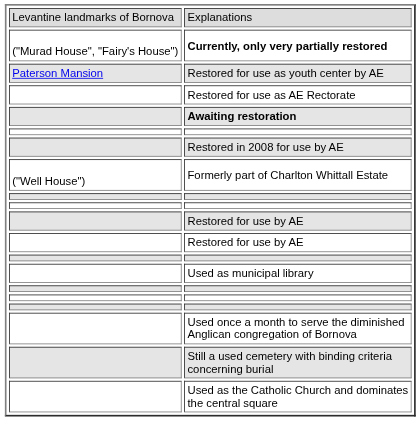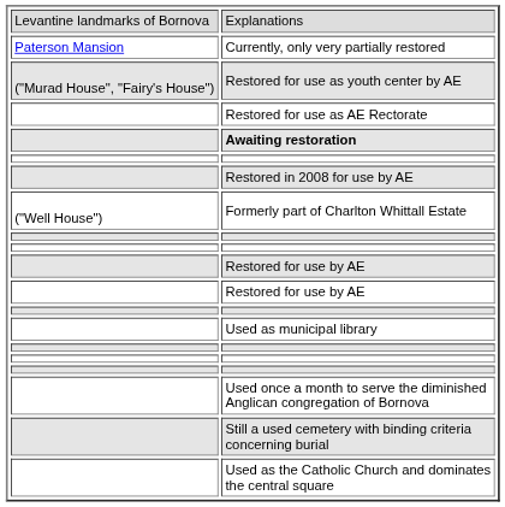 <table border="2" style="font-size: 85%" align=right cellpadding="3" cellspacing="3">
 <tr bgcolor="#dddddd">
 <td>Levantine landmarks of Bornova</td>
 <td>Explanations</td>
 </tr>
 <tr bgcolor="#ffffff">
-<td> <br> ("Murad House", "Fairy's House")</td>
-<td><strong>Currently, only very partially restored</strong></td>
+<td><a href='#'>Paterson Mansion</a></td>
+<td>Currently, only very partially restored</td>
 </tr>
 <tr bgcolor="#e5e5e5">
-<td><a href='#'>Paterson Mansion</a></td>
+<td> <br> ("Murad House", "Fairy's House")</td>
 <td>Restored for use as youth center by AE</td>
 </tr>
 <tr bgcolor="#ffffff">
 <td></td>
 <td>Restored for use as AE Rectorate</td>
 </tr>
 <tr bgcolor="#e5e5e5">
 <td></td>
 <td><strong>Awaiting restoration</strong></td>
 </tr>
 <tr bgcolor="#ffffff">
 <td></td>
 <td></td>
 </tr>
 <tr bgcolor="#e5e5e5">
 <td></td>
 <td>Restored in 2008 for use by AE</td>
 </tr>
 <tr bgcolor="#ffffff">
 <td> <br> ("Well House")</td>
 <td>Formerly part of Charlton Whittall Estate</td>
 </tr>
 <tr bgcolor="#e5e5e5">
 <td></td>
 <td></td>
 </tr>
 <tr bgcolor="#ffffff">
 <td></td>
 <td></td>
 </tr>
 <tr bgcolor="#e5e5e5">
 <td></td>
 <td>Restored for use by AE</td>
 </tr>
 <tr bgcolor="#ffffff">
 <td></td>
 <td>Restored for use by AE</td>
 </tr>
 <tr bgcolor="#e5e5e5">
 <td></td>
 <td></td>
 </tr>
 <tr bgcolor="#ffffff">
 <td></td>
 <td>Used as municipal library</td>
 </tr>
 <tr bgcolor="#e5e5e5">
 <td></td>
 <td></td>
 </tr>
 <tr bgcolor="#ffffff">
 <td></td>
 <td></td>
 </tr>
 <tr bgcolor="#e5e5e5">
 <td></td>
 <td></td>
 </tr>
 <tr bgcolor="#ffffff">
 <td></td>
 <td>Used once a month to serve the diminished <br> Anglican congregation of Bornova</td>
 </tr>
 <tr bgcolor="#e5e5e5">
 <td></td>
 <td>Still a used cemetery with binding criteria <br>  concerning burial</td>
 </tr>
 <tr bgcolor="#ffffff">
 <td></td>
 <td>Used as the Catholic Church and dominates <br> the central square</td>
 </tr>
 </table>
